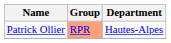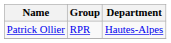 <table class="wikitable alternance">
 <tr>
 <th>Name</th>
 <th>Group</th>
 <th>Department</th>
 </tr>
 <tr>
 <td><a href='#'>Patrick Ollier</a></td>
-<td style="background: lightsalmon;"><a href='#'>RPR</a></td>
+<td><a href='#'>RPR</a></td>
 <td><a href='#'>Hautes-Alpes</a></td>
 </tr>
 <tr>
 </tr>
 </table>
